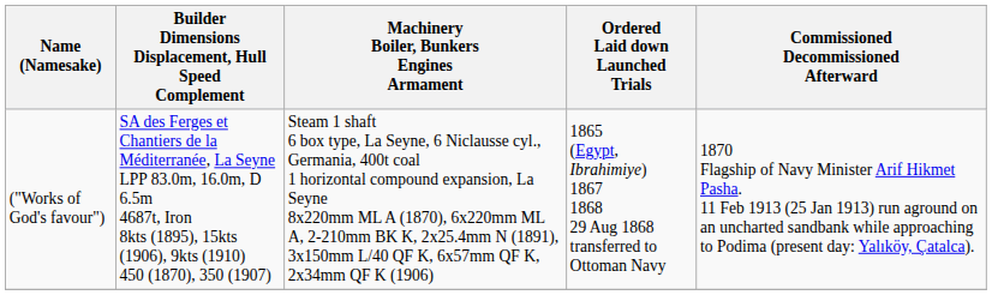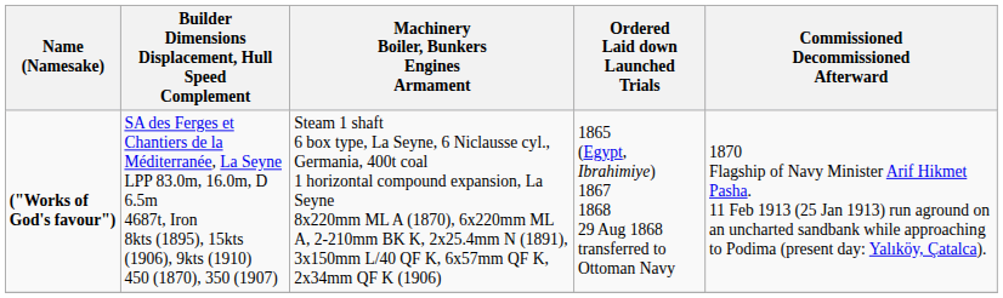 <table class="wikitable" style="font-size:90%;">
 <tr bgcolor="#e6e9ff">
 <th>Name<br>(Namesake)</th>
 <th>Builder<br>Dimensions<br>Displacement, Hull<br>Speed<br>Complement</th>
 <th>Machinery<br>Boiler, Bunkers<br>Engines<br>Armament</th>
 <th>Ordered<br>Laid down<br>Launched<br>Trials</th>
 <th>Commissioned<br>Decommissioned<br>Afterward</th>
 </tr>
 <tr ---->
-<td><br>("Works of God's favour")</td>
+<td><strong><br>("Works of God's favour")</strong></td>
 <td> <a href='#'>SA des Ferges et Chantiers de la Méditerranée</a>, <a href='#'>La Seyne</a><br>LPP 83.0m, 16.0m, D 6.5m<br>4687t, Iron<br>8kts (1895), 15kts (1906), 9kts (1910)<br>450 (1870), 350 (1907)</td>
 <td>Steam 1 shaft<br>6 box type, La Seyne, 6 Niclausse cyl., Germania, 400t coal<br>1 horizontal compound expansion, La Seyne<br>8x220mm ML A (1870), 6x220mm ML A, 2-210mm BK K, 2x25.4mm N (1891), 3x150mm L/40 QF K, 6x57mm QF K, 2x34mm QF K (1906)</td>
 <td>1865<br>(<a href='#'>Egypt</a>, <em>Ibrahimiye</em>)<br>1867<br>1868<br>29 Aug 1868 transferred to Ottoman Navy</td>
 <td>1870<br>Flagship of Navy Minister <a href='#'>Arif Hikmet Pasha</a>.<br>11 Feb 1913 (25 Jan 1913) run aground on an uncharted sandbank while approaching to Podima (present day: <a href='#'>Yalıköy, Çatalca</a>).</td>
 </tr>
 <tr ---->
 </tr>
 </table>
